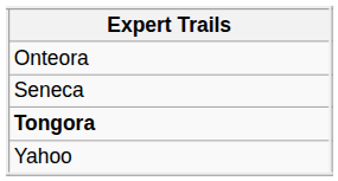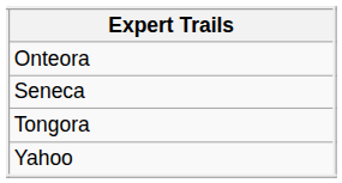 <table class="wikitable" style="margin:10px; float:left; border: inset; border-collapse:collapse;" border="2" width="20%">
 <tr>
 <th>Expert Trails </th>
 </tr>
 <tr>
 <td>Onteora</td>
 </tr>
 <tr>
 <td>Seneca</td>
 </tr>
 <tr>
-<td><strong>Tongora</strong></td>
+<td>Tongora</td>
 </tr>
 <tr>
 <td>Yahoo</td>
 </tr>
 </table>
